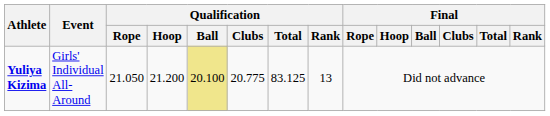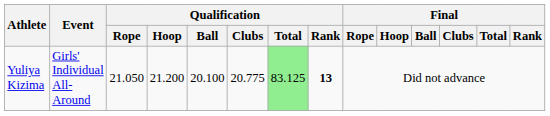 <table class="wikitable" border="1" style="font-size:90%">
 <tr>
 <th rowspan=2>Athlete</th>
 <th rowspan=2>Event</th>
 <th colspan=6>Qualification</th>
 <th colspan=6>Final</th>
 </tr>
 <tr>
 <th>Rope</th>
 <th>Hoop</th>
 <th>Ball</th>
 <th>Clubs</th>
 <th>Total</th>
 <th>Rank</th>
 <th>Rope</th>
 <th>Hoop</th>
 <th>Ball</th>
 <th>Clubs</th>
 <th>Total</th>
 <th>Rank</th>
 </tr>
 <tr>
-<td><strong><a href='#'>Yuliya Kizima</a></strong></td>
+<td><a href='#'>Yuliya Kizima</a></td>
 <td><a href='#'>Girls' Individual All-Around</a></td>
 <td align=center>21.050</td>
 <td align=center>21.200</td>
-<td align=center style="background: khaki;">20.100</td>
+<td align=center>20.100</td>
 <td align=center>20.775</td>
-<td align=center>83.125</td>
-<td align=center>13</td>
+<td align=center style="background: lightgreen;">83.125</td>
+<td align=center><strong>13</strong></td>
 <td align=center colspan=6>Did not advance</td>
 </tr>
 </table>
